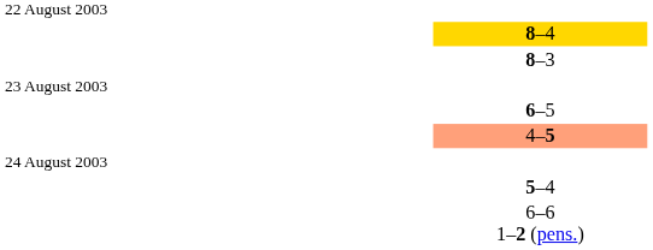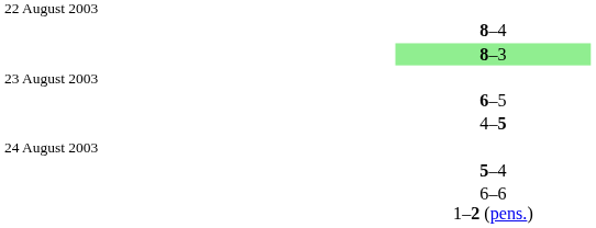 <table width=100% cellspacing=1>
 <tr>
 <th width=40%></th>
 <th width=20%></th>
 <th></th>
 </tr>
 <tr>
 <td><small>22 August 2003</small></td>
 </tr>
 <tr>
 <td align=right><strong></strong></td>
-<td align=center style="background: gold;"><strong>8</strong>–4</td>
+<td align=center><strong>8</strong>–4</td>
 <td></td>
 </tr>
 <tr>
 <td align=right><strong></strong></td>
-<td align=center><strong>8</strong>–3</td>
+<td align=center style="background: lightgreen;"><strong>8</strong>–3</td>
 <td></td>
 </tr>
 <tr>
 <td><small>23 August 2003</small></td>
 </tr>
 <tr>
 <td align=right><strong></strong></td>
 <td align=center><strong>6</strong>–5</td>
 <td></td>
 </tr>
 <tr>
 <td align=right></td>
-<td align=center style="background: lightsalmon;">4–<strong>5</strong></td>
+<td align=center>4–<strong>5</strong></td>
 <td><strong></strong></td>
 </tr>
 <tr>
 <td><small>24 August 2003</small></td>
 </tr>
 <tr>
 <td align=right><strong></strong></td>
 <td align=center><strong>5</strong>–4</td>
 <td></td>
 </tr>
 <tr>
 <td align=right></td>
 <td align=center>6–6 <br>1–<strong>2</strong> (<a href='#'>pens.</a>)</td>
 <td><strong></strong></td>
 </tr>
 </table>
